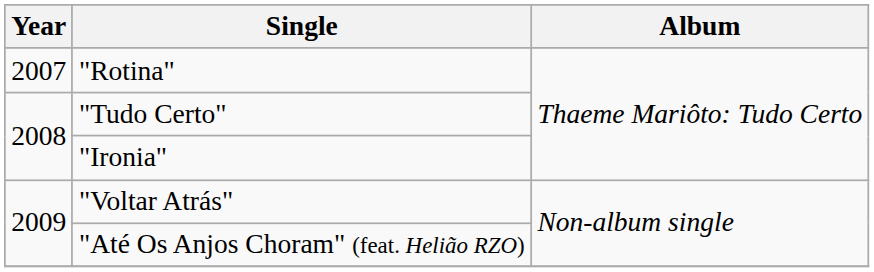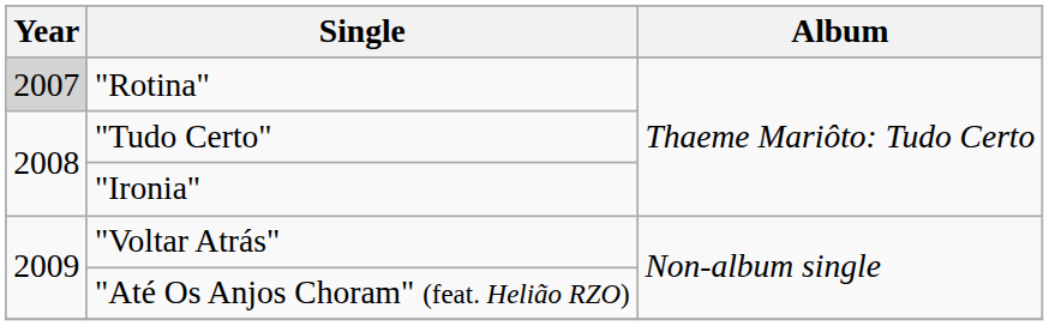 <table class="wikitable" style="text-align:center;">
 <tr>
 <th>Year</th>
 <th>Single</th>
 <th>Album</th>
 </tr>
 <tr>
-<td>2007</td>
+<td style="background: lightgrey;">2007</td>
 <td align="left">"Rotina"</td>
 <td align="left" rowspan=3><em>Thaeme Mariôto: Tudo Certo</em></td>
 </tr>
 <tr>
 <td rowspan=2>2008</td>
 <td align="left">"Tudo Certo"</td>
 </tr>
 <tr>
 <td align="left">"Ironia"</td>
 </tr>
 <tr>
 <td rowspan=2>2009</td>
 <td align="left">"Voltar Atrás"</td>
 <td align="left" rowspan=2><em>Non-album single</em></td>
 </tr>
 <tr>
 <td align="left">"Até Os Anjos Choram" <small>(feat. <em>Helião RZO</em>)</small></td>
 </tr>
 <tr>
 </tr>
 </table>
